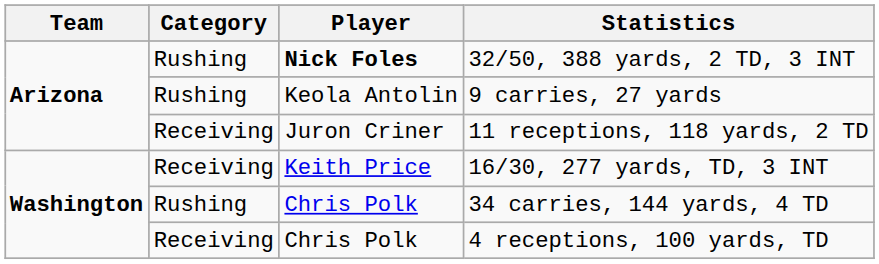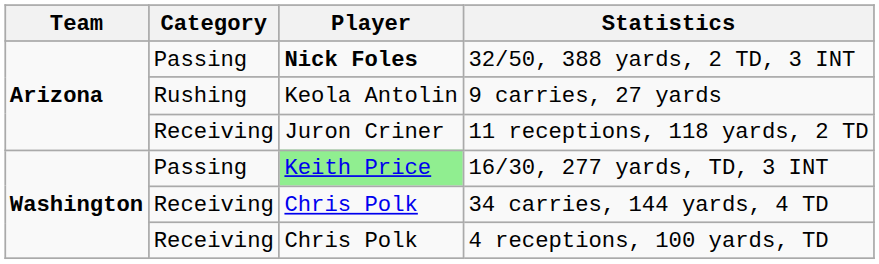 <table class="wikitable" style="float: right;">
 <tr>
 <th>Team</th>
 <th>Category</th>
 <th>Player</th>
 <th>Statistics</th>
 </tr>
 <tr>
 <td rowspan=3><strong>Arizona</strong></td>
-<td>Rushing</td>
+<td>Passing</td>
 <td><strong>Nick Foles</strong></td>
 <td>32/50, 388 yards, 2 TD, 3 INT</td>
 </tr>
 <tr>
 <td>Rushing</td>
 <td>Keola Antolin</td>
 <td>9 carries, 27 yards</td>
 </tr>
 <tr>
 <td>Receiving</td>
 <td>Juron Criner</td>
 <td>11 receptions, 118 yards, 2 TD</td>
 </tr>
 <tr>
 <td rowspan=3><strong>Washington</strong></td>
-<td>Receiving</td>
-<td><a href='#'>Keith Price</a></td>
+<td>Passing</td>
+<td style="background: lightgreen;"><a href='#'>Keith Price</a></td>
 <td>16/30, 277 yards, TD, 3 INT</td>
 </tr>
 <tr>
-<td>Rushing</td>
+<td>Receiving</td>
 <td><a href='#'>Chris Polk</a></td>
 <td>34 carries, 144 yards, 4 TD</td>
 </tr>
 <tr>
 <td>Receiving</td>
 <td>Chris Polk</td>
 <td>4 receptions, 100 yards, TD</td>
 </tr>
 </table>
